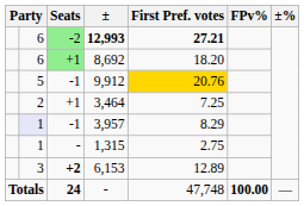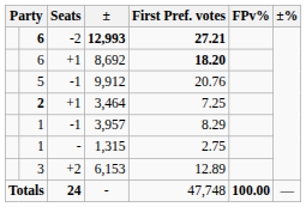 <table class=wikitable>
 <tr>
 <th colspan=2 align=center>Party</th>
 <th valign=top>Seats</th>
 <th valign=top>±</th>
 <th valign=top>First Pref. votes</th>
 <th valign=top>FPv%</th>
 <th valign=top>±%</th>
 </tr>
 <tr>
 <td></td>
-<td align=right>6</td>
-<td align=right style="background: lightgreen;">-2</td>
+<td align=right><strong>6</strong></td>
+<td align=right>-2</td>
 <td align=right><strong>12,993</strong></td>
 <td align=right><strong>27.21</strong></td>
 <td align=right></td>
 </tr>
 <tr>
 <td></td>
 <td align=right>6</td>
-<td align=right style="background: lightgreen;">+1</td>
+<td align=right>+1</td>
 <td align=right>8,692</td>
-<td align=right>18.20</td>
+<td align=right><strong>18.20</strong></td>
 <td align=right></td>
 </tr>
 <tr>
 <td></td>
 <td align=right>5</td>
 <td align=right>-1</td>
 <td align=right>9,912</td>
-<td align=right style="background: gold;">20.76</td>
+<td align=right>20.76</td>
 <td align=right></td>
 </tr>
 <tr>
 <td></td>
-<td align=right>2</td>
+<td align=right><strong>2</strong></td>
 <td align=right>+1</td>
 <td align=right>3,464</td>
 <td align=right>7.25</td>
 <td align=right></td>
 </tr>
 <tr>
 <td></td>
-<td align=right style="background: lavender;">1</td>
+<td align=right>1</td>
 <td align=right>-1</td>
 <td align=right>3,957</td>
 <td align=right>8.29</td>
 <td align=right></td>
 </tr>
 <tr>
 <td></td>
 <td align=right>1</td>
 <td align=right>-</td>
 <td align=right>1,315</td>
 <td align=right>2.75</td>
 <td align=right></td>
 </tr>
 <tr>
 <td></td>
 <td align=right>3</td>
-<td align=right><strong>+2</strong></td>
+<td align=right>+2</td>
 <td align=right>6,153</td>
 <td align=right>12.89</td>
 <td align=right></td>
 </tr>
 <tr>
 <td colspan=2 align=center><strong>Totals</strong></td>
 <td align=right><strong>24</strong></td>
 <td align=center>-</td>
 <td align=right>47,748</td>
 <td align=center><strong>100.00</strong></td>
 <td align=center>—</td>
 </tr>
 </table>
